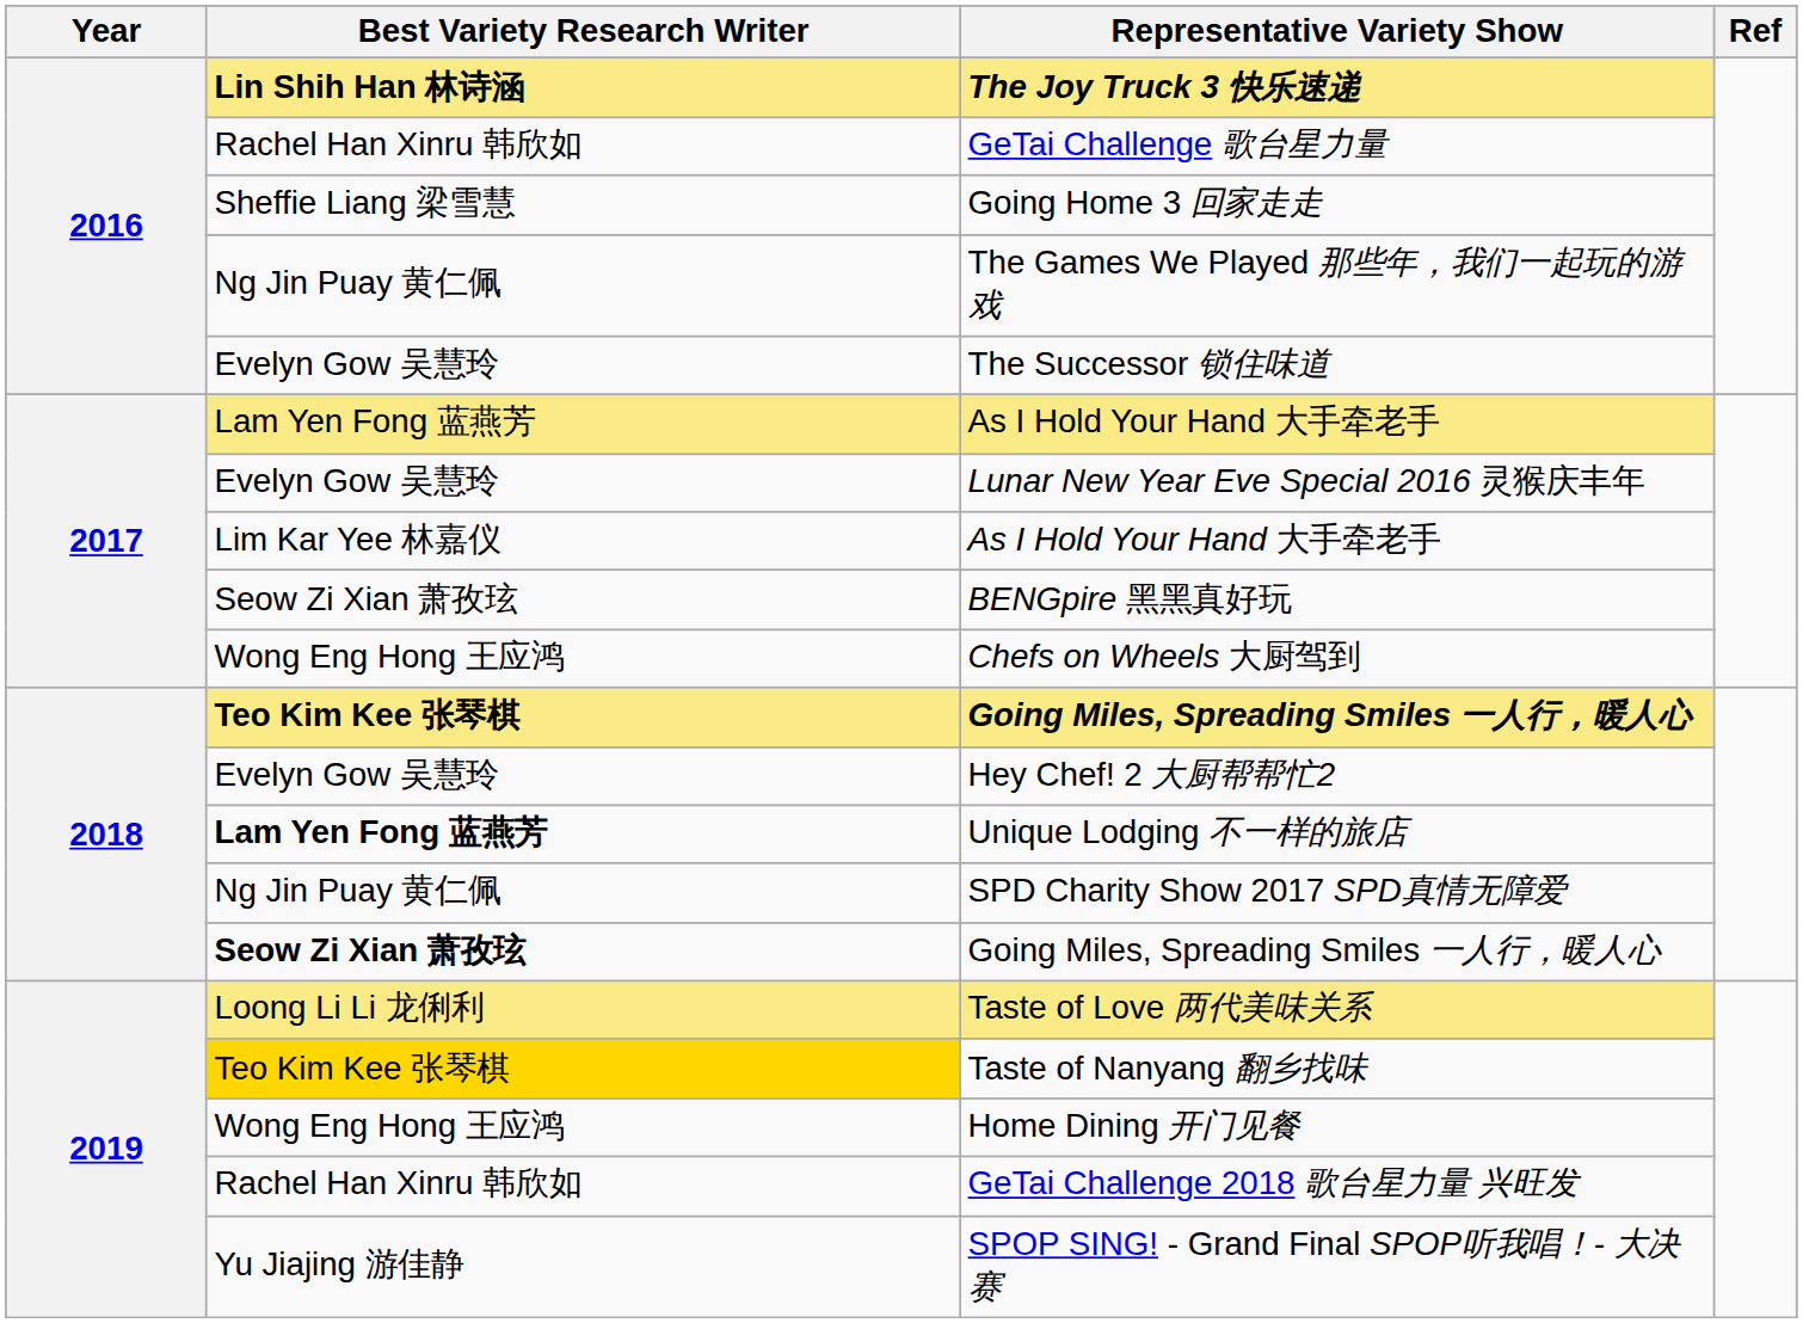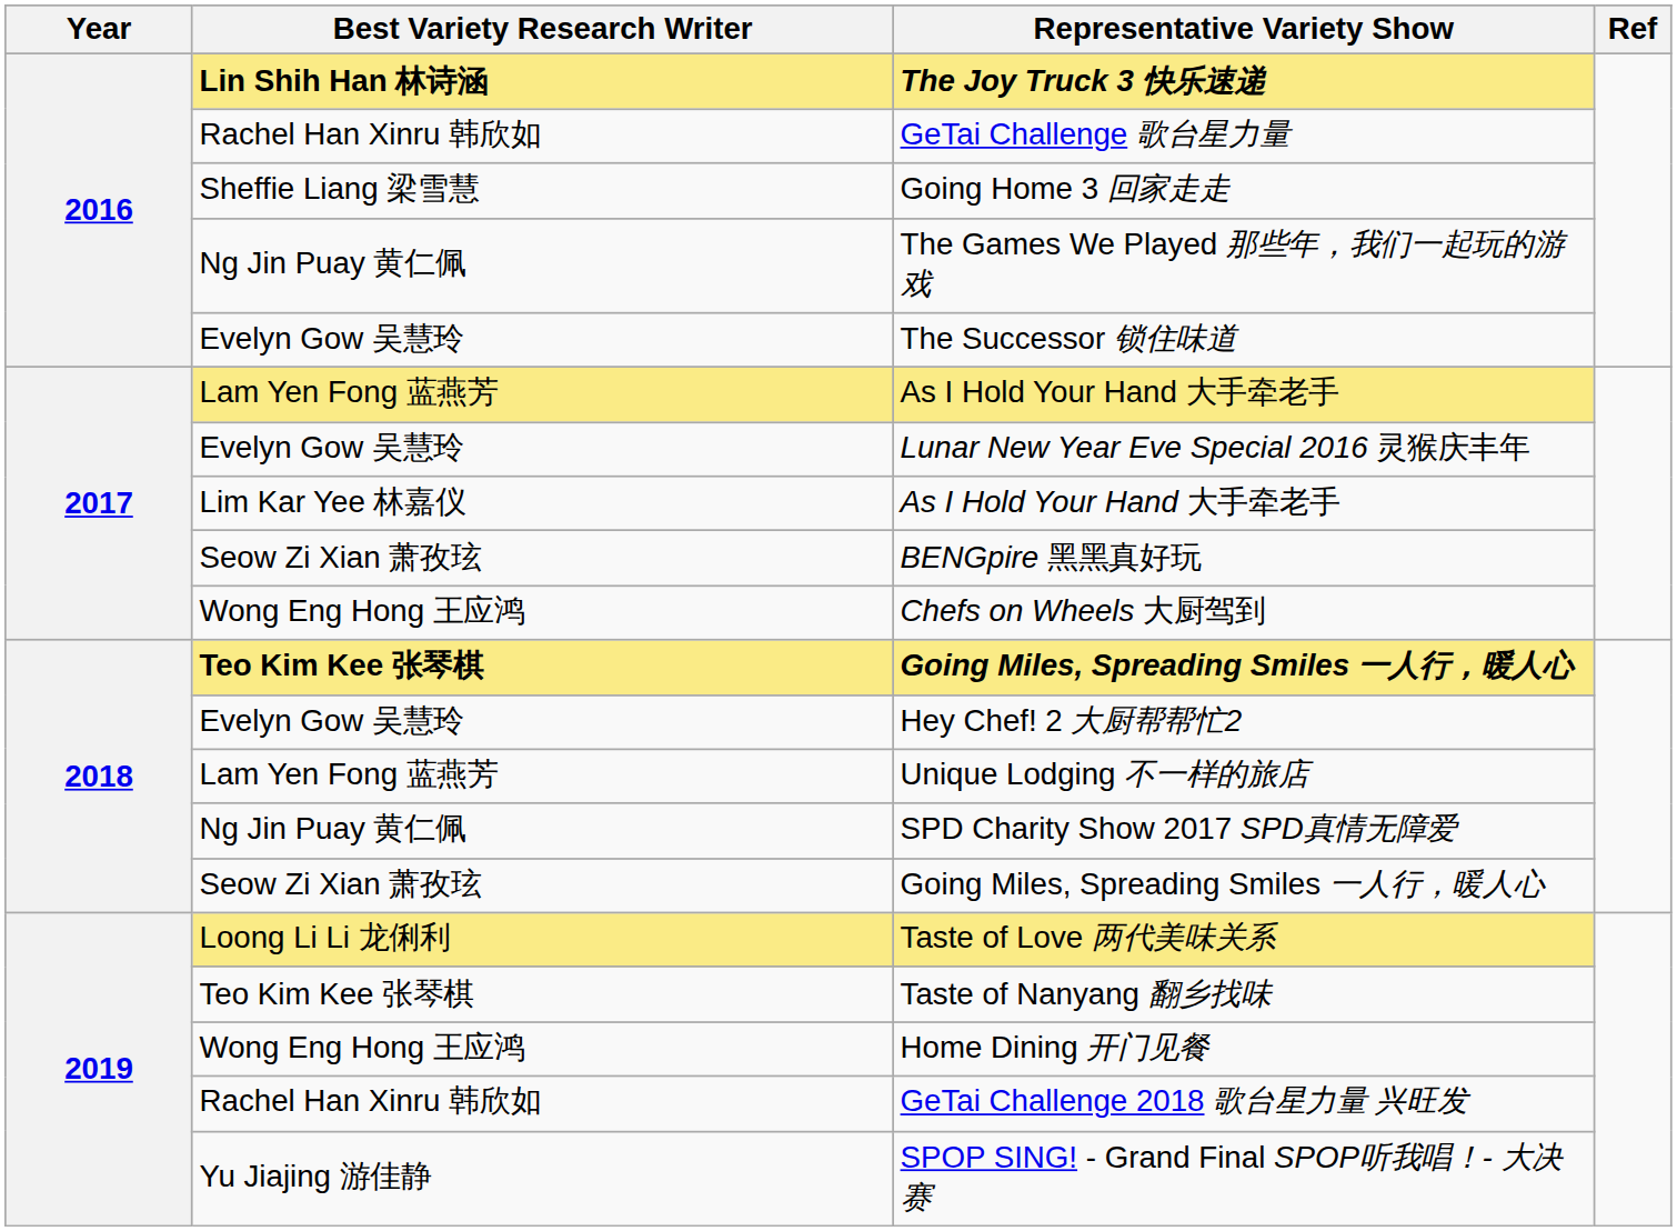 <table class="wikitable sortable">
 <tr>
 <th scope="col" style="width:8%;">Year</th>
 <th scope="col" style="width:30%;"><strong>Best Variety Research Writer</strong></th>
 <th scope="col" style="width:30%;">Representative Variety Show</th>
 <th class="unsortable" scope="col" style="width:2%;">Ref</th>
 </tr>
 <tr>
 <th rowspan="5"><strong><a href='#'>2016</a></strong></th>
 <td style="background:#FAEB86;"><strong>Lin Shih Han 林诗涵</strong></td>
 <td style="background:#FAEB86;"><strong><em>The Joy Truck 3<em> 快乐速递<strong></td>
 <td rowspan="5"></td>
 </tr>
 <tr>
 <td>Rachel Han Xinru 韩欣如</td>
 <td></em><a href='#'>GeTai Challenge</a><em> 歌台星力量</td>
 </tr>
 <tr>
 <td>Sheffie Liang 梁雪慧</td>
 <td></em>Going Home 3<em> 回家走走</td>
 </tr>
 <tr>
 <td>Ng Jin Puay 黄仁佩</td>
 <td></em>The Games We Played<em> 那些年，我们一起玩的游戏</td>
 </tr>
 <tr>
 <td>Evelyn Gow 吴慧玲</td>
 <td></em>The Successor<em> 锁住味道</td>
 </tr>
 <tr>
 <th rowspan="5" scope="row" style="text-align:center;"><a href='#'></strong>2017<strong></a></th>
 <td style="background:#FAEB86;"></strong>Lam Yen Fong 蓝燕芳<strong></td>
 <td style="background:#FAEB86;"></em></strong>As I Hold Your Hand</em> 大手牵老手</strong></td>
 <td rowspan="5"></td>
 </tr>
 <tr>
 <td>Evelyn Gow 吴慧玲</td>
 <td><em>Lunar New Year Eve Special 2016</em> 灵猴庆丰年</td>
 </tr>
 <tr>
 <td>Lim Kar Yee 林嘉仪</td>
 <td><em>As I Hold Your Hand</em> 大手牵老手</td>
 </tr>
 <tr>
 <td>Seow Zi Xian 萧孜玹</td>
 <td><em>BENGpire</em> 黑黑真好玩</td>
 </tr>
 <tr>
 <td>Wong Eng Hong 王应鸿</td>
 <td><em>Chefs on Wheels</em> 大厨驾到</td>
 </tr>
 <tr>
 <th rowspan="5"><a href='#'><strong>2018</strong></a></th>
 <td style="background:#FAEB86;"><strong>Teo Kim Kee 张琴棋</strong></td>
 <td style="background:#FAEB86;"><strong><em>Going Miles, Spreading Smiles<em> 一人行，暖人心<strong></td>
 <td rowspan="5"></td>
 </tr>
 <tr>
 <td>Evelyn Gow 吴慧玲</td>
 <td></em>Hey Chef! 2<em> 大厨帮帮忙2</td>
 </tr>
 <tr>
-<td><strong>Lam Yen Fong 蓝燕芳</strong></td>
+<td>Lam Yen Fong 蓝燕芳</td>
 <td></em>Unique Lodging<em> 不一样的旅店</td>
 </tr>
 <tr>
 <td>Ng Jin Puay 黄仁佩</td>
 <td></em>SPD Charity Show 2017<em> SPD真情无障爱</td>
 </tr>
 <tr>
-<td><strong>Seow Zi Xian 萧孜玹</strong></td>
+<td>Seow Zi Xian 萧孜玹</td>
 <td></em>Going Miles, Spreading Smiles<em> 一人行，暖人心</td>
 </tr>
 <tr>
 <th rowspan="5"><a href='#'></strong>2019<strong></a></th>
 <td style="background:#FAEB86;"></strong>Loong Li Li 龙俐利<strong></td>
 <td style="background:#FAEB86;"></em></strong>Taste of Love<strong><em> </strong>两代美味关系<strong></td>
 <td rowspan="5"></td>
 </tr>
 <tr>
-<td style="background: gold;">Teo Kim Kee 张琴棋</td>
+<td>Teo Kim Kee 张琴棋</td>
 <td></em>Taste of Nanyang<em> 翻乡找味</td>
 </tr>
 <tr>
 <td>Wong Eng Hong 王应鸿</td>
 <td></em>Home Dining<em> 开门见餐</td>
 </tr>
 <tr>
 <td>Rachel Han Xinru 韩欣如</td>
 <td></em><a href='#'>GeTai Challenge 2018</a><em> 歌台星力量 兴旺发</td>
 </tr>
 <tr>
 <td>Yu Jiajing 游佳静</td>
 <td></em><a href='#'>SPOP SING!</a> - Grand Final<em> SPOP听我唱！- 大决赛</td>
 </tr>
 </table>
